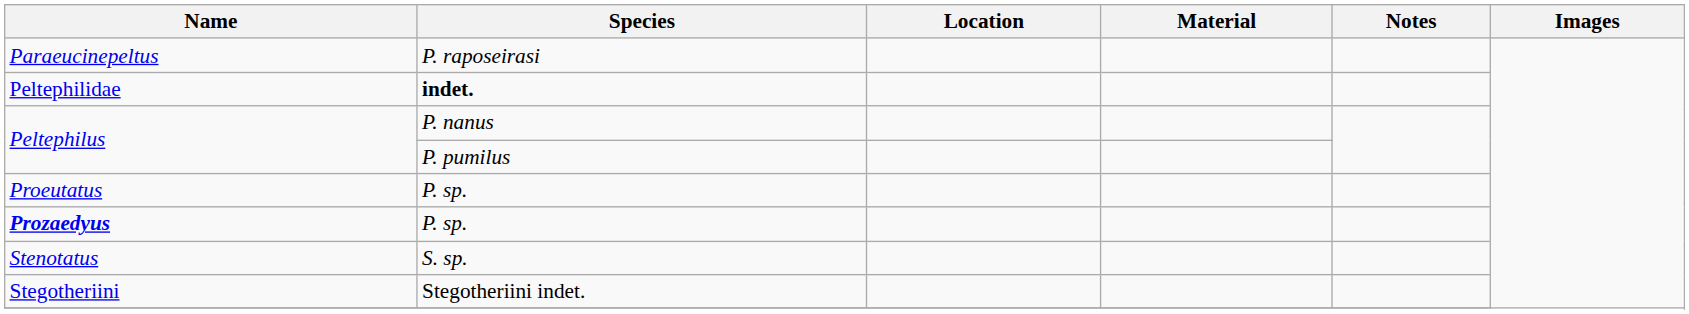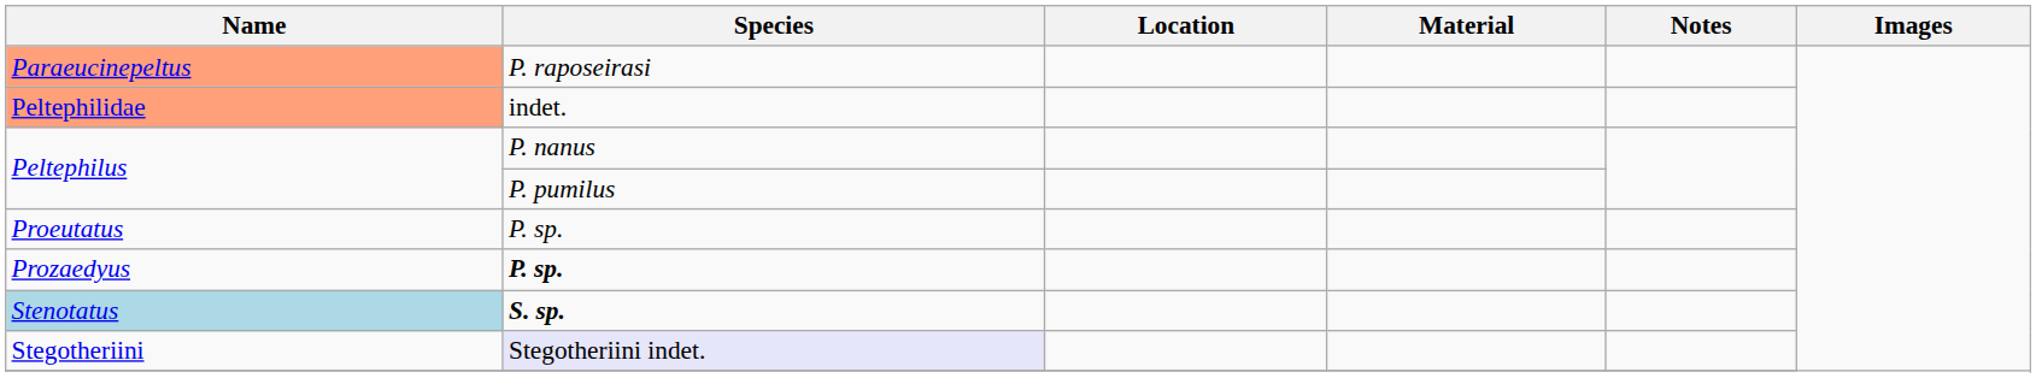 <table class="wikitable" align="center" width="100%">
 <tr>
 <th>Name</th>
 <th>Species</th>
 <th>Location</th>
 <th>Material</th>
 <th>Notes</th>
 <th>Images</th>
 </tr>
 <tr>
-<td><em><a href='#'>Paraeucinepeltus</a></em></td>
+<td style="background: lightsalmon;"><em><a href='#'>Paraeucinepeltus</a></em></td>
 <td><em>P. raposeirasi</em></td>
 <td></td>
 <td></td>
 <td></td>
 <td rowspan = 100><br></td>
 </tr>
 <tr>
-<td><a href='#'>Peltephilidae</a></td>
-<td><strong>indet.</strong></td>
+<td style="background: lightsalmon;"><a href='#'>Peltephilidae</a></td>
+<td>indet.</td>
 <td></td>
 <td></td>
 <td></td>
 </tr>
 <tr>
 <td rowspan = 2><em><a href='#'>Peltephilus</a></em></td>
 <td><em>P. nanus</em></td>
 <td></td>
 <td></td>
 <td rowspan = 2></td>
 </tr>
 <tr>
 <td><em>P. pumilus</em></td>
 <td></td>
 <td></td>
 </tr>
 <tr>
 <td><em><a href='#'>Proeutatus</a></em></td>
 <td><em>P. sp.</em></td>
 <td></td>
 <td></td>
 <td></td>
 </tr>
 <tr>
-<td><strong><em><a href='#'>Prozaedyus</a></em></strong></td>
-<td><em>P. sp.</em></td>
+<td><em><a href='#'>Prozaedyus</a></em></td>
+<td><strong><em>P. sp.</em></strong></td>
 <td></td>
 <td></td>
 </tr>
 <tr>
-<td><em><a href='#'>Stenotatus</a></em></td>
-<td><em>S. sp.</em></td>
+<td style="background: lightblue;"><em><a href='#'>Stenotatus</a></em></td>
+<td><strong><em>S. sp.</em></strong></td>
 <td></td>
 <td></td>
 <td></td>
 </tr>
 <tr>
 <td><a href='#'>Stegotheriini</a></td>
-<td>Stegotheriini indet.</td>
+<td style="background: lavender;">Stegotheriini indet.</td>
 <td></td>
 <td></td>
 <td></td>
 </tr>
 <tr>
 </tr>
 </table>
